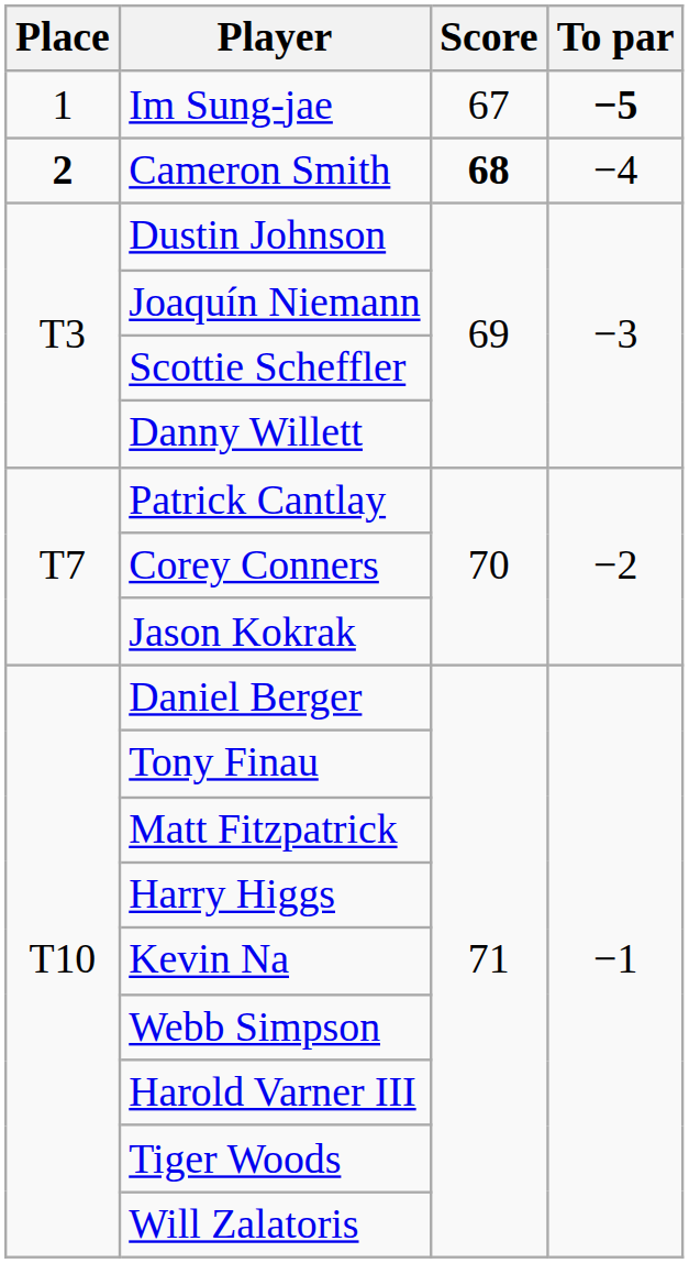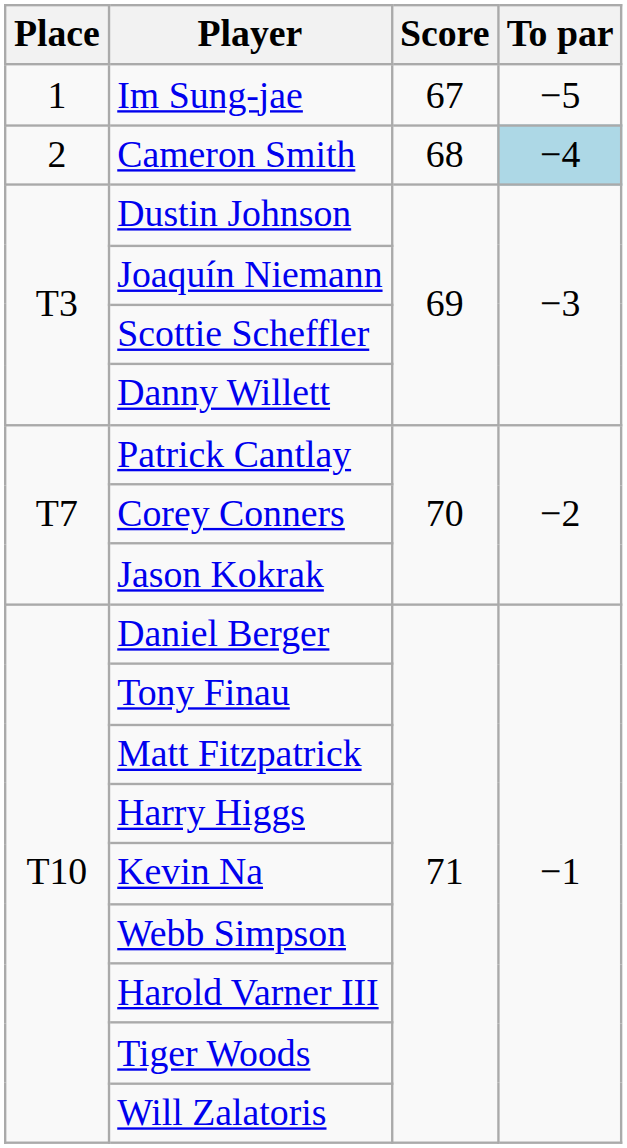 <table class="wikitable">
 <tr>
 <th>Place</th>
 <th>Player</th>
 <th>Score</th>
 <th>To par</th>
 </tr>
 <tr>
 <td align=center>1</td>
 <td> <a href='#'>Im Sung-jae</a></td>
 <td align=center>67</td>
-<td align=center><strong>−5</strong></td>
+<td align=center>−5</td>
 </tr>
 <tr>
-<td align=center><strong>2</strong></td>
+<td align=center>2</td>
 <td> <a href='#'>Cameron Smith</a></td>
-<td align=center><strong>68</strong></td>
-<td align=center>−4</td>
+<td align=center>68</td>
+<td align=center style="background: lightblue;">−4</td>
 </tr>
 <tr>
 <td rowspan=4 align=center>T3</td>
 <td> <a href='#'>Dustin Johnson</a></td>
 <td rowspan=4 align=center>69</td>
 <td rowspan=4 align=center>−3</td>
 </tr>
 <tr>
 <td> <a href='#'>Joaquín Niemann</a></td>
 </tr>
 <tr>
 <td> <a href='#'>Scottie Scheffler</a></td>
 </tr>
 <tr>
 <td> <a href='#'>Danny Willett</a></td>
 </tr>
 <tr>
 <td rowspan=3 align=center>T7</td>
 <td> <a href='#'>Patrick Cantlay</a></td>
 <td rowspan=3 align=center>70</td>
 <td rowspan=3 align=center>−2</td>
 </tr>
 <tr>
 <td> <a href='#'>Corey Conners</a></td>
 </tr>
 <tr>
 <td> <a href='#'>Jason Kokrak</a></td>
 </tr>
 <tr>
 <td rowspan=9 align=center>T10</td>
 <td> <a href='#'>Daniel Berger</a></td>
 <td rowspan=9 align=center>71</td>
 <td rowspan=9 align=center>−1</td>
 </tr>
 <tr>
 <td> <a href='#'>Tony Finau</a></td>
 </tr>
 <tr>
 <td> <a href='#'>Matt Fitzpatrick</a></td>
 </tr>
 <tr>
 <td> <a href='#'>Harry Higgs</a></td>
 </tr>
 <tr>
 <td> <a href='#'>Kevin Na</a></td>
 </tr>
 <tr>
 <td> <a href='#'>Webb Simpson</a></td>
 </tr>
 <tr>
 <td> <a href='#'>Harold Varner III</a></td>
 </tr>
 <tr>
 <td> <a href='#'>Tiger Woods</a></td>
 </tr>
 <tr>
 <td> <a href='#'>Will Zalatoris</a></td>
 </tr>
 </table>
